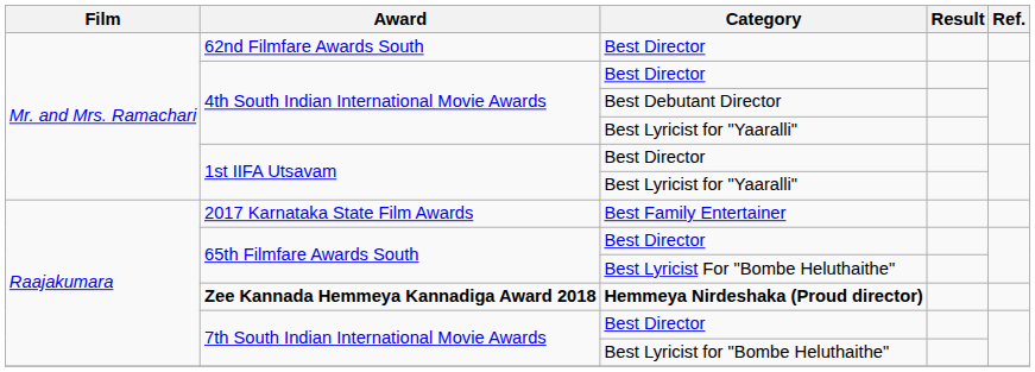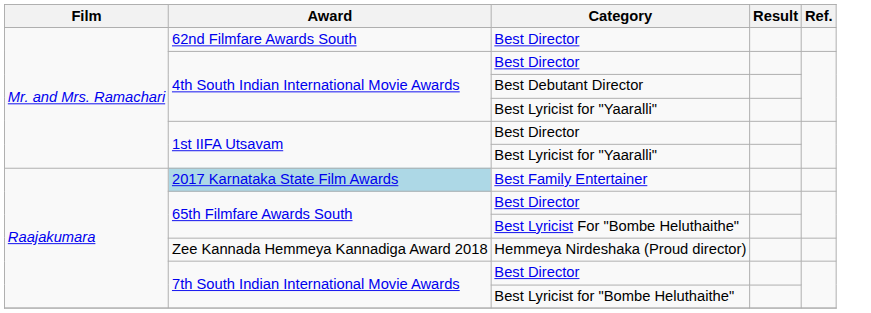 <table class="wikitable sortable">
 <tr>
 <th>Film</th>
 <th>Award</th>
 <th>Category</th>
 <th>Result</th>
 <th>Ref.</th>
 </tr>
 <tr>
 <td rowspan=6><em><a href='#'>Mr. and Mrs. Ramachari</a></em></td>
 <td><a href='#'>62nd Filmfare Awards South</a></td>
 <td><a href='#'>Best Director</a></td>
 <td></td>
 <td></td>
 </tr>
 <tr>
 <td rowspan=3><a href='#'>4th South Indian International Movie Awards</a></td>
 <td><a href='#'>Best Director</a></td>
 <td></td>
 <td rowspan=3></td>
 </tr>
 <tr>
 <td>Best Debutant Director</td>
 <td></td>
 </tr>
 <tr>
 <td>Best Lyricist for "Yaaralli"</td>
 <td></td>
 </tr>
 <tr>
 <td rowspan=2><a href='#'>1st IIFA Utsavam</a></td>
 <td>Best Director</td>
 <td></td>
 <td rowspan=2></td>
 </tr>
 <tr>
 <td>Best Lyricist for "Yaaralli"</td>
 <td></td>
 </tr>
 <tr>
 <td rowspan=6><em><a href='#'>Raajakumara</a></em></td>
-<td><a href='#'>2017 Karnataka State Film Awards</a></td>
+<td style="background: lightblue;"><a href='#'>2017 Karnataka State Film Awards</a></td>
 <td><a href='#'>Best Family Entertainer</a></td>
 <td></td>
 <td></td>
 </tr>
 <tr>
 <td rowspan=2><a href='#'>65th Filmfare Awards South</a></td>
 <td><a href='#'>Best Director</a></td>
 <td></td>
 <td rowspan=2></td>
 </tr>
 <tr>
 <td><a href='#'>Best Lyricist</a> For "Bombe Heluthaithe"</td>
 <td></td>
 </tr>
 <tr>
-<td><strong>Zee Kannada Hemmeya Kannadiga Award 2018</strong></td>
-<td><strong>Hemmeya Nirdeshaka (Proud director)</strong></td>
+<td>Zee Kannada Hemmeya Kannadiga Award 2018</td>
+<td>Hemmeya Nirdeshaka (Proud director)</td>
 <td></td>
 <td></td>
 </tr>
 <tr>
 <td rowspan=2><a href='#'>7th South Indian International Movie Awards</a></td>
 <td><a href='#'>Best Director</a></td>
 <td></td>
 <td rowspan=2></td>
 </tr>
 <tr>
 <td>Best Lyricist for "Bombe Heluthaithe"</td>
 <td></td>
 </tr>
 <tr>
 </tr>
 </table>
